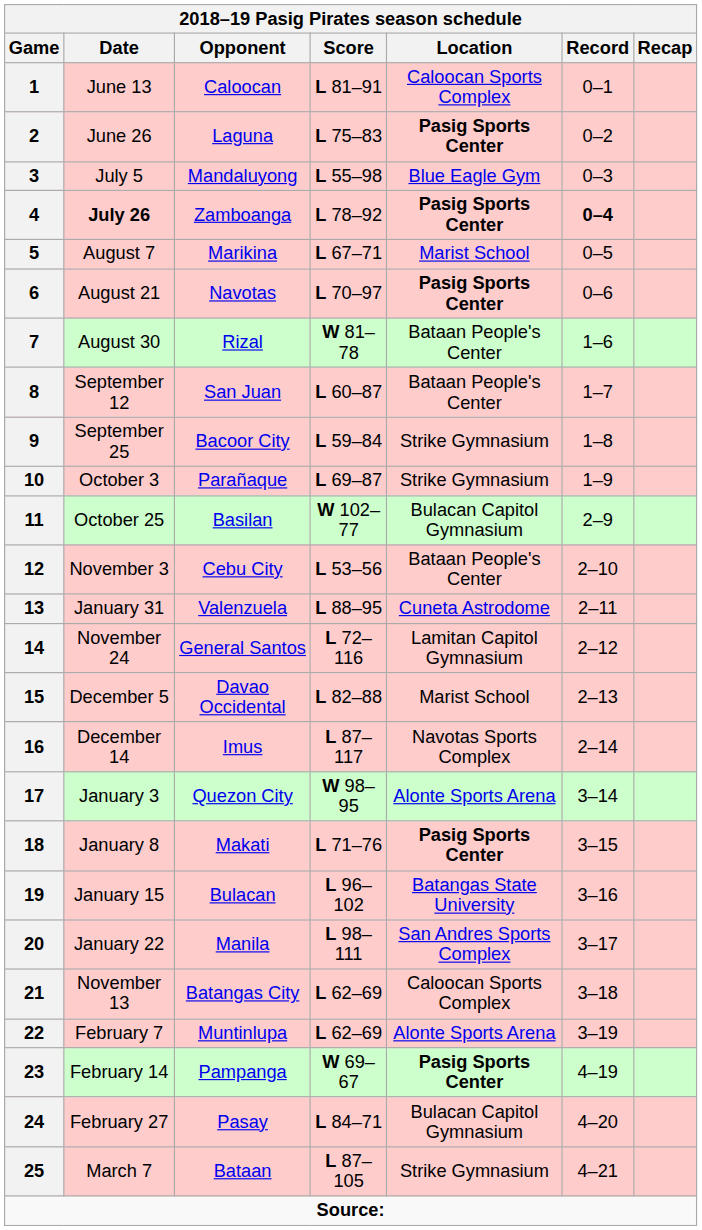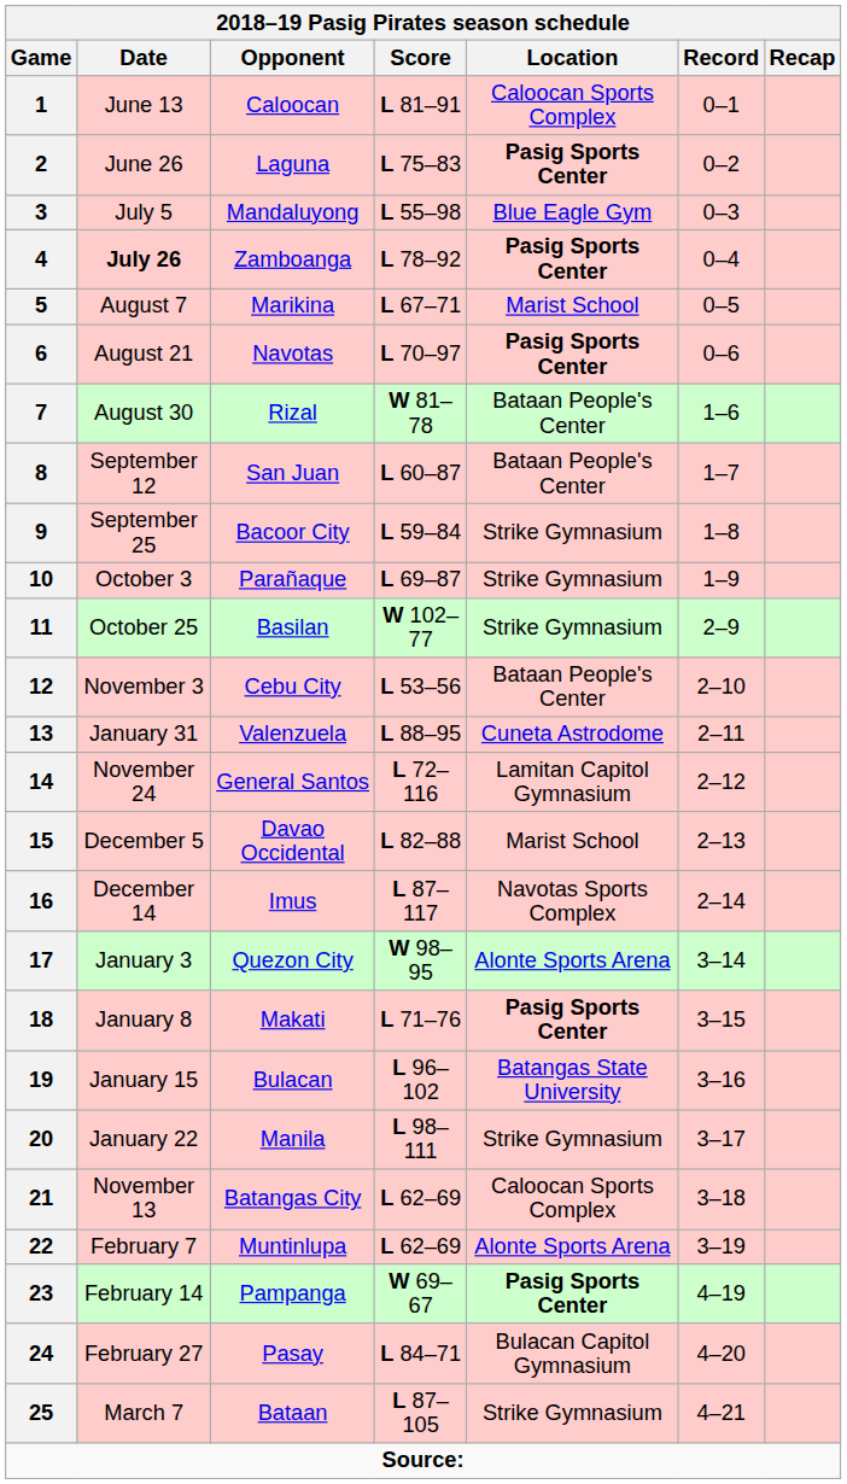 <table class="wikitable" style="text-align:center">
 <tr>
 <th colspan=7>2018–19 Pasig Pirates season schedule</th>
 </tr>
 <tr>
 <th>Game</th>
 <th>Date</th>
 <th>Opponent</th>
 <th>Score</th>
 <th>Location</th>
 <th>Record</th>
 <th>Recap<br></th>
 </tr>
 <tr style="background:#fcc">
 <th>1</th>
 <td>June 13</td>
 <td><a href='#'>Caloocan</a></td>
 <td><strong>L</strong> 81–91</td>
 <td><a href='#'>Caloocan Sports Complex</a></td>
 <td>0–1</td>
 <td></td>
 </tr>
 <tr style="background:#fcc">
 <th>2</th>
 <td>June 26</td>
 <td><a href='#'>Laguna</a></td>
 <td><strong>L</strong> 75–83</td>
 <td><strong>Pasig Sports Center</strong></td>
 <td>0–2</td>
 <td></td>
 </tr>
 <tr style="background:#fcc">
 <th>3</th>
 <td>July 5</td>
 <td><a href='#'>Mandaluyong</a></td>
 <td><strong>L</strong> 55–98</td>
 <td><a href='#'>Blue Eagle Gym</a></td>
 <td>0–3</td>
 <td></td>
 </tr>
 <tr style="background:#fcc">
 <th>4</th>
 <td><strong>July 26</strong></td>
 <td><a href='#'>Zamboanga</a></td>
 <td><strong>L</strong> 78–92</td>
 <td><strong>Pasig Sports Center</strong></td>
-<td><strong>0–4</strong></td>
+<td>0–4</td>
 <td></td>
 </tr>
 <tr style="background:#fcc">
 <th>5</th>
 <td>August 7</td>
 <td><a href='#'>Marikina</a></td>
 <td><strong>L</strong> 67–71</td>
 <td><a href='#'>Marist School</a></td>
 <td>0–5</td>
 <td></td>
 </tr>
 <tr style="background:#fcc">
 <th>6</th>
 <td>August 21</td>
 <td><a href='#'>Navotas</a></td>
 <td><strong>L</strong> 70–97</td>
 <td><strong>Pasig Sports Center</strong></td>
 <td>0–6</td>
 <td></td>
 </tr>
 <tr style="background:#cfc">
 <th>7</th>
 <td>August 30</td>
 <td><a href='#'>Rizal</a></td>
 <td><strong>W</strong> 81–78</td>
 <td>Bataan People's Center</td>
 <td>1–6</td>
 <td></td>
 </tr>
 <tr style="background:#fcc">
 <th>8</th>
 <td>September 12</td>
 <td><a href='#'>San Juan</a></td>
 <td><strong>L</strong> 60–87</td>
 <td>Bataan People's Center</td>
 <td>1–7</td>
 <td></td>
 </tr>
 <tr style="background:#fcc">
 <th>9</th>
 <td>September 25</td>
 <td><a href='#'>Bacoor City</a></td>
 <td><strong>L</strong> 59–84</td>
 <td>Strike Gymnasium</td>
 <td>1–8</td>
 <td><br></td>
 </tr>
 <tr style="background:#fcc">
 <th>10</th>
 <td>October 3</td>
 <td><a href='#'>Parañaque</a></td>
 <td><strong>L</strong> 69–87</td>
 <td>Strike Gymnasium</td>
 <td>1–9</td>
 <td></td>
 </tr>
 <tr style="background:#cfc">
 <th>11</th>
 <td>October 25</td>
 <td><a href='#'>Basilan</a></td>
 <td><strong>W</strong> 102–77</td>
-<td>Bulacan Capitol Gymnasium</td>
+<td>Strike Gymnasium</td>
 <td>2–9</td>
 <td></td>
 </tr>
 <tr style="background:#fcc">
 <th>12</th>
 <td>November 3</td>
 <td><a href='#'>Cebu City</a></td>
 <td><strong>L</strong> 53–56</td>
 <td>Bataan People's Center</td>
 <td>2–10</td>
 <td></td>
 </tr>
 <tr style="background:#fcc">
 <th>13</th>
 <td>January 31</td>
 <td><a href='#'>Valenzuela</a></td>
 <td><strong>L</strong> 88–95</td>
 <td><a href='#'>Cuneta Astrodome</a></td>
 <td>2–11</td>
 <td></td>
 </tr>
 <tr style="background:#fcc">
 <th>14</th>
 <td>November 24</td>
 <td><a href='#'>General Santos</a></td>
 <td><strong>L</strong> 72–116</td>
 <td>Lamitan Capitol Gymnasium</td>
 <td>2–12</td>
 <td></td>
 </tr>
 <tr style="background:#fcc">
 <th>15</th>
 <td>December 5</td>
 <td><a href='#'>Davao Occidental</a></td>
 <td><strong>L</strong> 82–88</td>
 <td>Marist School</td>
 <td>2–13</td>
 <td></td>
 </tr>
 <tr style="background:#fcc">
 <th>16</th>
 <td>December 14</td>
 <td><a href='#'>Imus</a></td>
 <td><strong>L</strong> 87–117</td>
 <td>Navotas Sports Complex</td>
 <td>2–14</td>
 <td><br></td>
 </tr>
 <tr style="background:#cfc">
 <th>17</th>
 <td>January 3</td>
 <td><a href='#'>Quezon City</a></td>
 <td><strong>W</strong> 98–95</td>
 <td><a href='#'>Alonte Sports Arena</a></td>
 <td>3–14</td>
 <td></td>
 </tr>
 <tr style="background:#fcc">
 <th>18</th>
 <td>January 8</td>
 <td><a href='#'>Makati</a></td>
 <td><strong>L</strong> 71–76</td>
 <td><strong>Pasig Sports Center</strong></td>
 <td>3–15</td>
 <td></td>
 </tr>
 <tr style="background:#fcc">
 <th>19</th>
 <td>January 15</td>
 <td><a href='#'>Bulacan</a></td>
 <td><strong>L</strong> 96–102</td>
 <td><a href='#'>Batangas State University</a></td>
 <td>3–16</td>
 <td></td>
 </tr>
 <tr style="background:#fcc">
 <th>20</th>
 <td>January 22</td>
 <td><a href='#'>Manila</a></td>
 <td><strong>L</strong> 98–111</td>
-<td><a href='#'>San Andres Sports Complex</a></td>
+<td>Strike Gymnasium</td>
 <td>3–17</td>
 <td></td>
 </tr>
 <tr style="background:#fcc">
 <th>21</th>
 <td>November 13</td>
 <td><a href='#'>Batangas City</a></td>
 <td><strong>L</strong> 62–69</td>
 <td>Caloocan Sports Complex</td>
 <td>3–18</td>
 <td></td>
 </tr>
 <tr style="background:#fcc">
 <th>22</th>
 <td>February 7</td>
 <td><a href='#'>Muntinlupa</a></td>
 <td><strong>L</strong> 62–69 </td>
 <td><a href='#'>Alonte Sports Arena</a></td>
 <td>3–19</td>
 <td></td>
 </tr>
 <tr style="background:#cfc">
 <th>23</th>
 <td>February 14</td>
 <td><a href='#'>Pampanga</a></td>
 <td><strong>W</strong> 69–67</td>
 <td><strong>Pasig Sports Center</strong></td>
 <td>4–19</td>
 <td></td>
 </tr>
 <tr style="background:#fcc">
 <th>24</th>
 <td>February 27</td>
 <td><a href='#'>Pasay</a></td>
 <td><strong>L</strong> 84–71</td>
 <td>Bulacan Capitol Gymnasium</td>
 <td>4–20</td>
 <td></td>
 </tr>
 <tr style="background:#fcc">
 <th>25</th>
 <td>March 7</td>
 <td><a href='#'>Bataan</a></td>
 <td><strong>L</strong> 87–105</td>
 <td>Strike Gymnasium</td>
 <td>4–21</td>
 <td></td>
 </tr>
 <tr>
 <td colspan=7 align=center><strong>Source: </strong></td>
 </tr>
 </table>
